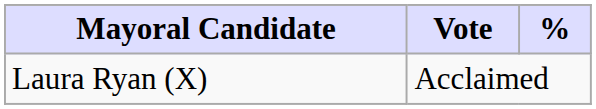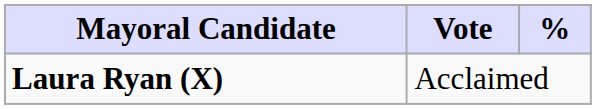 <table class="wikitable">
 <tr>
 <th style="background:#ddf; width:200px;">Mayoral Candidate</th>
 <th style="background:#ddf; width:50px;">Vote</th>
 <th style="background:#ddf; width:30px;">%</th>
 </tr>
 <tr>
-<td>Laura Ryan (X)</td>
+<td><strong>Laura Ryan (X)</strong></td>
 <td colspan="2">Acclaimed</td>
 </tr>
 </table>
